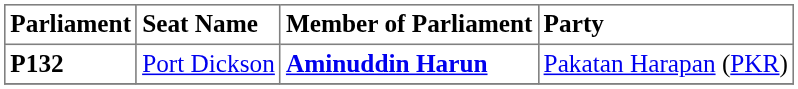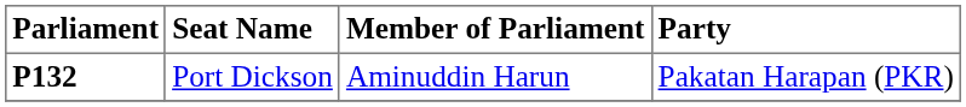 <table class="toccolours sortable" cellpadding="3" border="1" style="border-collapse:collapse; text-align: left;">
 <tr>
 <th align="center">Parliament</th>
 <th>Seat Name</th>
 <th>Member of Parliament</th>
 <th>Party</th>
 </tr>
 <tr>
 <th align="left">P132</th>
 <td><a href='#'>Port Dickson</a></td>
-<td><strong><a href='#'>Aminuddin Harun</a></strong></td>
+<td><a href='#'>Aminuddin Harun</a></td>
 <td><a href='#'>Pakatan Harapan</a> (<a href='#'>PKR</a>)</td>
 </tr>
 <tr>
 </tr>
 </table>
